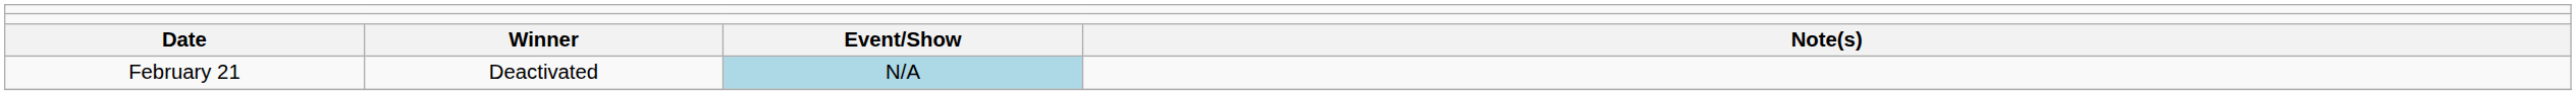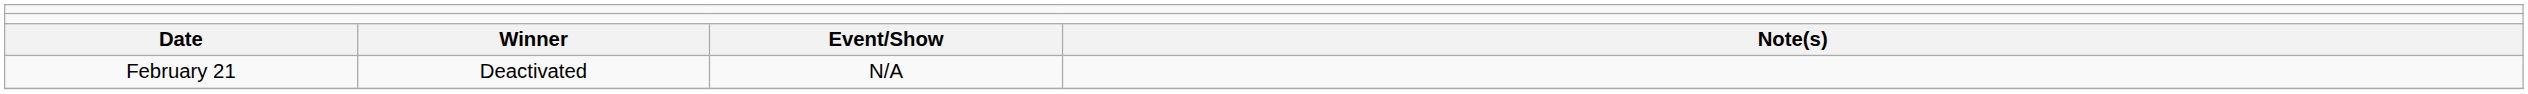 <table class="wikitable" style="text-align:center; width:100%;">
 <tr>
 <td colspan="5"></td>
 </tr>
 <tr>
 <td colspan="5"><strong></strong></td>
 </tr>
 <tr>
 <th width=14%>Date</th>
 <th width=14%>Winner</th>
 <th width=14%>Event/Show</th>
 <th width=58%>Note(s)</th>
 </tr>
 <tr>
 <td>February 21</td>
 <td>Deactivated</td>
-<td style="background: lightblue;">N/A</td>
+<td>N/A</td>
 <td align=left></td>
 </tr>
 <tr>
 </tr>
 </table>
